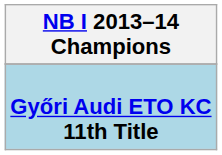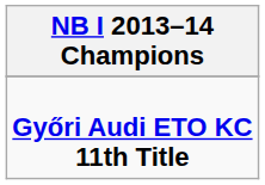 <table class="wikitable" style="text-align: center; margin: 0 auto;">
 <tr>
 <th><a href='#'>NB I</a> 2013–14<br>Champions</th>
 </tr>
 <tr>
 </tr>
 <tr>
-<td style="background: lightblue;"><br><strong><a href='#'>Győri Audi ETO KC</a></strong><br><strong>11th Title</strong></td>
+<td><br><strong><a href='#'>Győri Audi ETO KC</a></strong><br><strong>11th Title</strong></td>
 </tr>
 </table>
